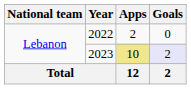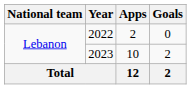 <table class="wikitable" style="text-align:center">
 <tr>
 <th>National team</th>
 <th>Year</th>
 <th>Apps</th>
 <th>Goals</th>
 </tr>
 <tr>
 <td rowspan="2"><a href='#'>Lebanon</a></td>
 <td>2022</td>
 <td>2</td>
 <td>0</td>
 </tr>
 <tr>
 <td>2023</td>
-<td style="background: khaki;">10</td>
-<td style="background: lavender;">2</td>
+<td>10</td>
+<td>2</td>
 </tr>
 <tr>
 <th colspan="2">Total</th>
 <th>12</th>
 <th>2</th>
 </tr>
 </table>
